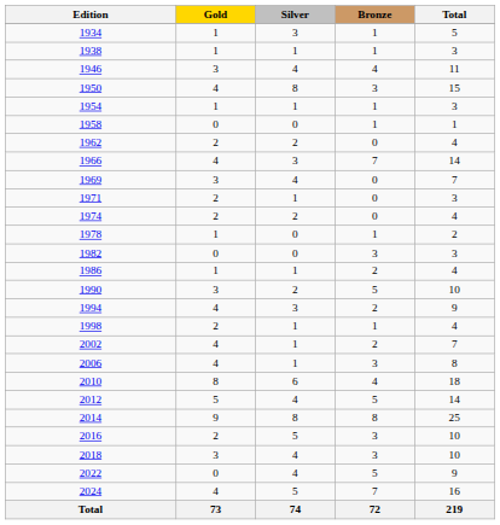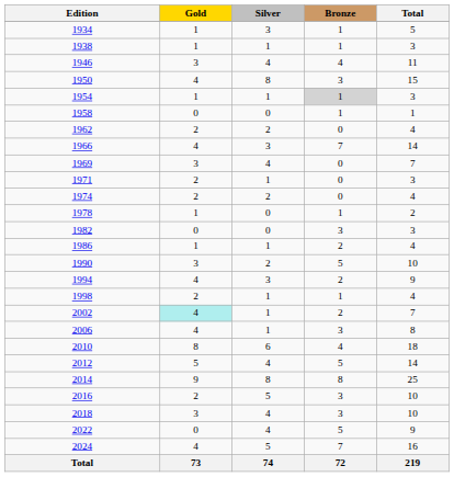 <table class="wikitable" width=40% style="font-size:90%; text-align:center;">
 <tr>
 <th width=30%>Edition</th>
 <th width=14% style="background-color:gold">Gold</th>
 <th width=14% style="background-color:silver">Silver</th>
 <th width=14% style="background-color:#cc9966">Bronze</th>
 <th width=14%>Total</th>
 </tr>
 <tr>
 </tr>
 <tr>
 <td><a href='#'>1934</a></td>
 <td>1</td>
 <td>3</td>
 <td>1</td>
 <td>5</td>
 </tr>
 <tr>
 <td><a href='#'>1938</a></td>
 <td>1</td>
 <td>1</td>
 <td>1</td>
 <td>3</td>
 </tr>
 <tr>
 <td><a href='#'>1946</a></td>
 <td>3</td>
 <td>4</td>
 <td>4</td>
 <td>11</td>
 </tr>
 <tr>
 <td><a href='#'>1950</a></td>
 <td>4</td>
 <td>8</td>
 <td>3</td>
 <td>15</td>
 </tr>
 <tr>
 <td><a href='#'>1954</a></td>
 <td>1</td>
 <td>1</td>
-<td>1</td>
+<td style="background: lightgrey;">1</td>
 <td>3</td>
 </tr>
 <tr>
 <td><a href='#'>1958</a></td>
 <td>0</td>
 <td>0</td>
 <td>1</td>
 <td>1</td>
 </tr>
 <tr>
 <td><a href='#'>1962</a></td>
 <td>2</td>
 <td>2</td>
 <td>0</td>
 <td>4</td>
 </tr>
 <tr>
 <td><a href='#'>1966</a></td>
 <td>4</td>
 <td>3</td>
 <td>7</td>
 <td>14</td>
 </tr>
 <tr>
 <td><a href='#'>1969</a></td>
 <td>3</td>
 <td>4</td>
 <td>0</td>
 <td>7</td>
 </tr>
 <tr>
 <td><a href='#'>1971</a></td>
 <td>2</td>
 <td>1</td>
 <td>0</td>
 <td>3</td>
 </tr>
 <tr>
 <td><a href='#'>1974</a></td>
 <td>2</td>
 <td>2</td>
 <td>0</td>
 <td>4</td>
 </tr>
 <tr>
 <td><a href='#'>1978</a></td>
 <td>1</td>
 <td>0</td>
 <td>1</td>
 <td>2</td>
 </tr>
 <tr>
 <td><a href='#'>1982</a></td>
 <td>0</td>
 <td>0</td>
 <td>3</td>
 <td>3</td>
 </tr>
 <tr>
 <td><a href='#'>1986</a></td>
 <td>1</td>
 <td>1</td>
 <td>2</td>
 <td>4</td>
 </tr>
 <tr>
 <td><a href='#'>1990</a></td>
 <td>3</td>
 <td>2</td>
 <td>5</td>
 <td>10</td>
 </tr>
 <tr>
 <td><a href='#'>1994</a></td>
 <td>4</td>
 <td>3</td>
 <td>2</td>
 <td>9</td>
 </tr>
 <tr>
 <td><a href='#'>1998</a></td>
 <td>2</td>
 <td>1</td>
 <td>1</td>
 <td>4</td>
 </tr>
 <tr>
 <td><a href='#'>2002</a></td>
-<td>4</td>
+<td style="background: paleturquoise;">4</td>
 <td>1</td>
 <td>2</td>
 <td>7</td>
 </tr>
 <tr>
 <td><a href='#'>2006</a></td>
 <td>4</td>
 <td>1</td>
 <td>3</td>
 <td>8</td>
 </tr>
 <tr>
 <td><a href='#'>2010</a></td>
 <td>8</td>
 <td>6</td>
 <td>4</td>
 <td>18</td>
 </tr>
 <tr>
 <td><a href='#'>2012</a></td>
 <td>5</td>
 <td>4</td>
 <td>5</td>
 <td>14</td>
 </tr>
 <tr>
 <td><a href='#'>2014</a></td>
 <td>9</td>
 <td>8</td>
 <td>8</td>
 <td>25</td>
 </tr>
 <tr>
 <td><a href='#'>2016</a></td>
 <td>2</td>
 <td>5</td>
 <td>3</td>
 <td>10</td>
 </tr>
 <tr>
 <td><a href='#'>2018</a></td>
 <td>3</td>
 <td>4</td>
 <td>3</td>
 <td>10</td>
 </tr>
 <tr>
 <td><a href='#'>2022</a></td>
 <td>0</td>
 <td>4</td>
 <td>5</td>
 <td>9</td>
 </tr>
 <tr>
 <td><a href='#'>2024</a></td>
 <td>4</td>
 <td>5</td>
 <td>7</td>
 <td>16</td>
 </tr>
 <tr>
 <th>Total</th>
 <th>73</th>
 <th>74</th>
 <th>72</th>
 <th>219</th>
 </tr>
 </table>
